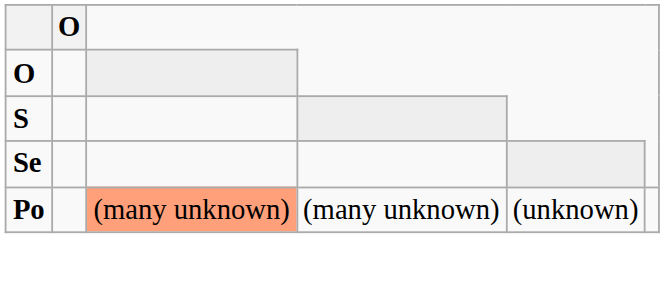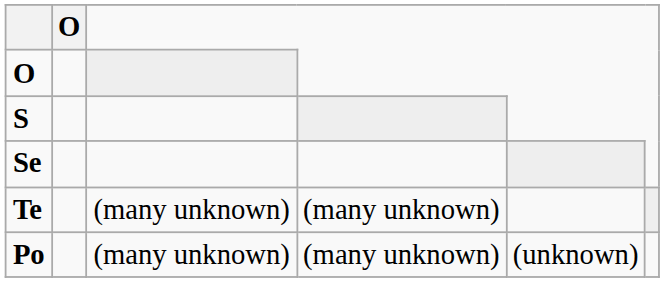 <table class="wikitable" style="margin: 1em auto 1em auto">
 <tr>
 <th></th>
 <th>O</th>
 </tr>
 <tr>
 <td><strong>O</strong></td>
 <td><div></div></td>
 <td bgcolor="#eeeeee"></td>
 </tr>
 <tr>
 <td><strong>S</strong></td>
 <td><div></div></td>
 <td><div></div></td>
 <td bgcolor="#eeeeee"></td>
 </tr>
 <tr>
 <td><strong>Se</strong></td>
 <td><div></div></td>
 <td><div></div></td>
 <td><div></div></td>
 <td bgcolor="#eeeeee"></td>
 </tr>
 <tr>
+<td><strong>Te</strong></td>
+<td><div></div></td>
+<td><div> (many unknown)</div></td>
+<td><div> (many unknown)</div></td>
+<td><div></div></td>
+<td bgcolor="#eeeeee"></td>
+</tr>
+<tr>
 <td><strong>Po</strong></td>
 <td><div></div></td>
-<td style="background: lightsalmon;"> (many unknown)</td>
+<td> (many unknown)</td>
 <td><div></div> (many unknown)</td>
 <td><div></div> (unknown)</td>
 <td><div></div></td>
 </tr>
 </table>
